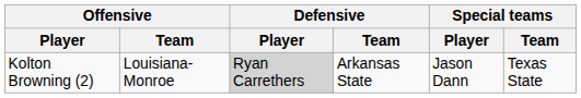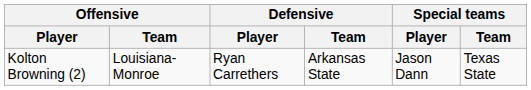 <table class="wikitable">
 <tr>
 <th colspan="2">Offensive</th>
 <th colspan="2">Defensive</th>
 <th colspan="2">Special teams</th>
 </tr>
 <tr>
 <th>Player</th>
 <th>Team</th>
 <th>Player</th>
 <th>Team</th>
 <th>Player</th>
 <th>Team</th>
 </tr>
 <tr>
 <td>Kolton Browning (2)</td>
 <td>Louisiana-Monroe</td>
-<td style="background: lightgrey;">Ryan Carrethers</td>
+<td>Ryan Carrethers</td>
 <td>Arkansas State</td>
 <td>Jason Dann</td>
 <td>Texas State</td>
 </tr>
 </table>
